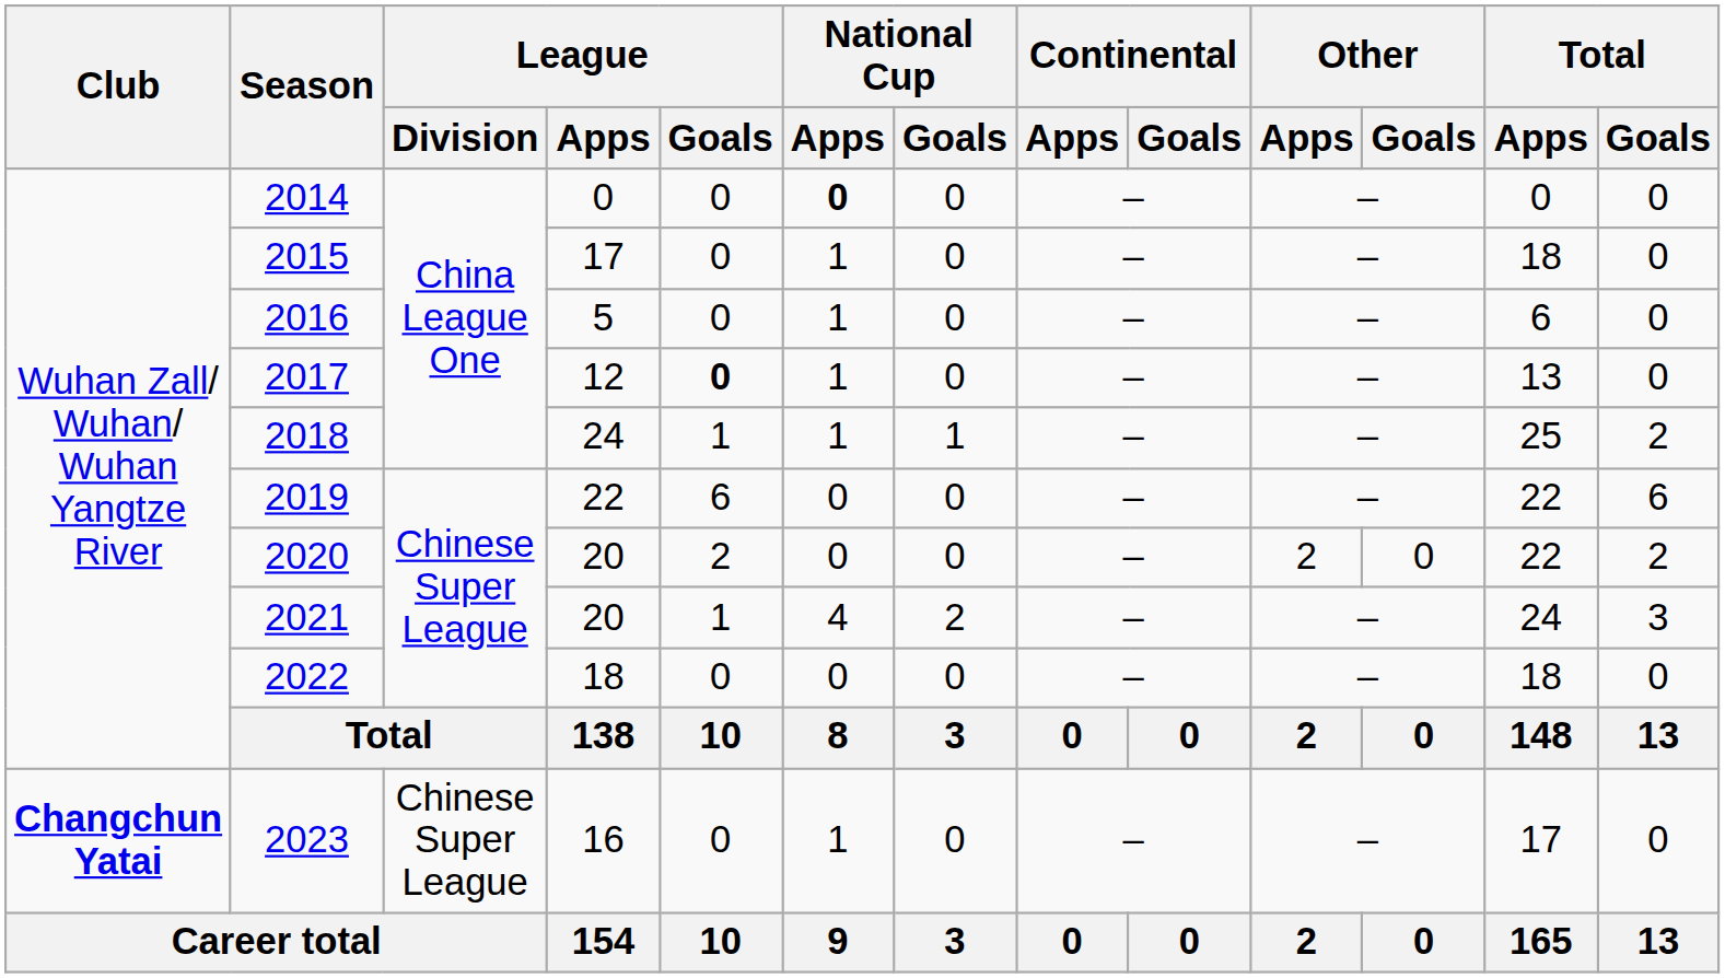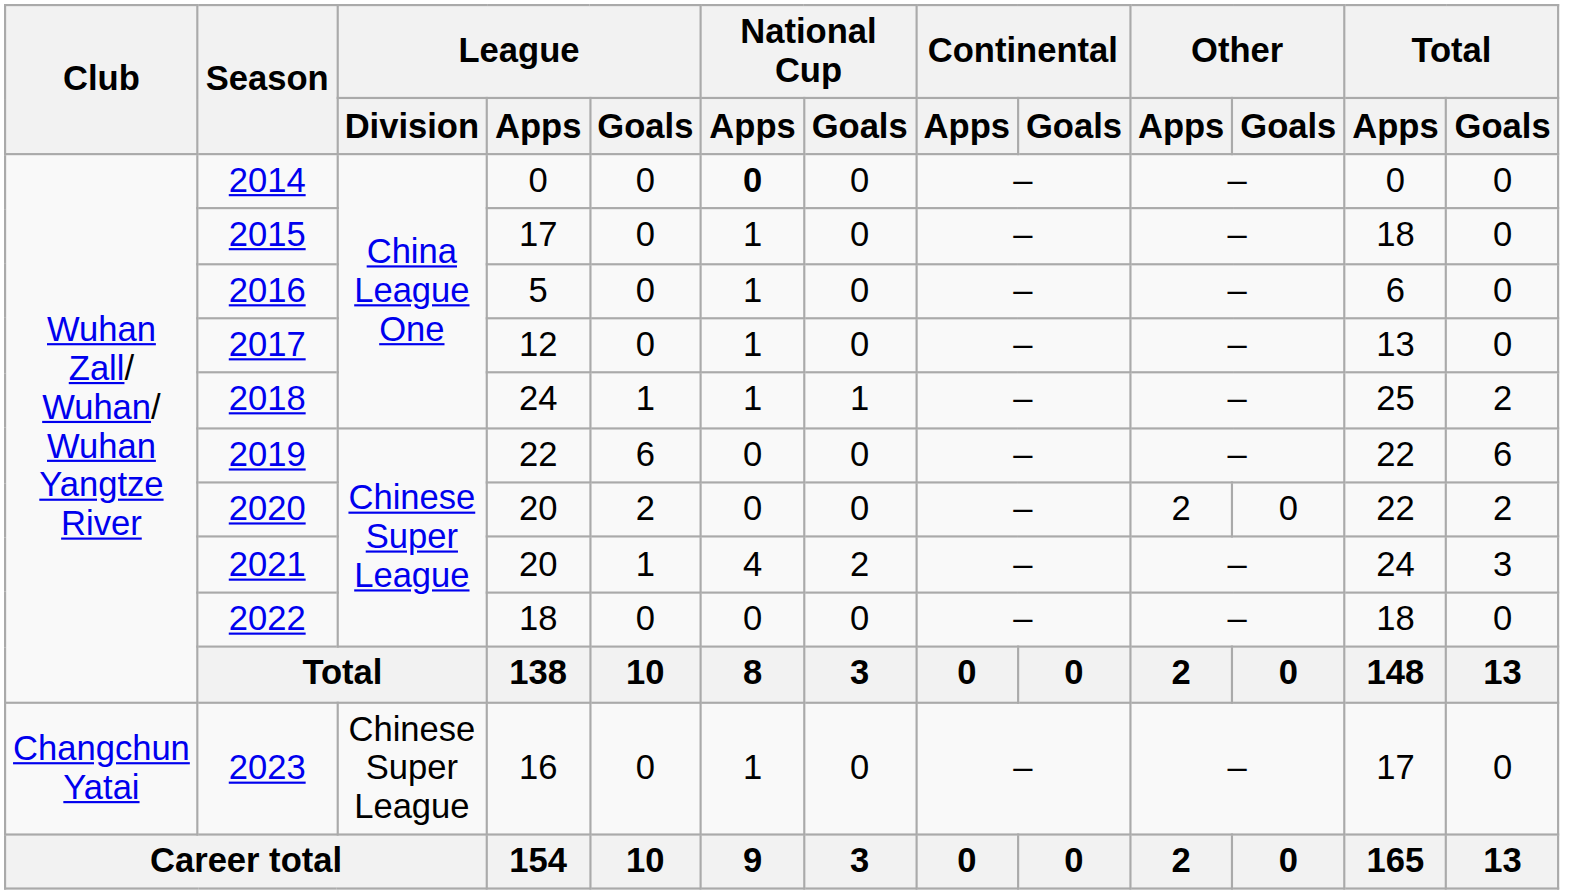 <table class="wikitable" style="text-align: center">
 <tr>
 <th rowspan="2">Club</th>
 <th rowspan="2">Season</th>
 <th colspan="3">League</th>
 <th colspan="2">National Cup</th>
 <th colspan="2">Continental</th>
 <th colspan="2">Other</th>
 <th colspan="2">Total</th>
 </tr>
 <tr>
 <th>Division</th>
 <th>Apps</th>
 <th>Goals</th>
 <th>Apps</th>
 <th>Goals</th>
 <th>Apps</th>
 <th>Goals</th>
 <th>Apps</th>
 <th>Goals</th>
 <th>Apps</th>
 <th>Goals</th>
 </tr>
 <tr>
 <td rowspan=10><a href='#'>Wuhan Zall</a>/<br><a href='#'>Wuhan</a>/<br><a href='#'>Wuhan Yangtze River</a></td>
 <td><a href='#'>2014</a></td>
 <td rowspan="5"><a href='#'>China League One</a></td>
 <td>0</td>
 <td>0</td>
 <td><strong>0</strong></td>
 <td>0</td>
 <td colspan="2">–</td>
 <td colspan="2">–</td>
 <td>0</td>
 <td>0</td>
 </tr>
 <tr>
 <td><a href='#'>2015</a></td>
 <td>17</td>
 <td>0</td>
 <td>1</td>
 <td>0</td>
 <td colspan="2">–</td>
 <td colspan="2">–</td>
 <td>18</td>
 <td>0</td>
 </tr>
 <tr>
 <td><a href='#'>2016</a></td>
 <td>5</td>
 <td>0</td>
 <td>1</td>
 <td>0</td>
 <td colspan="2">–</td>
 <td colspan="2">–</td>
 <td>6</td>
 <td>0</td>
 </tr>
 <tr>
 <td><a href='#'>2017</a></td>
 <td>12</td>
-<td><strong>0</strong></td>
+<td>0</td>
 <td>1</td>
 <td>0</td>
 <td colspan="2">–</td>
 <td colspan="2">–</td>
 <td>13</td>
 <td>0</td>
 </tr>
 <tr>
 <td><a href='#'>2018</a></td>
 <td>24</td>
 <td>1</td>
 <td>1</td>
 <td>1</td>
 <td colspan="2">–</td>
 <td colspan="2">–</td>
 <td>25</td>
 <td>2</td>
 </tr>
 <tr>
 <td><a href='#'>2019</a></td>
 <td rowspan=4><a href='#'>Chinese Super League</a></td>
 <td>22</td>
 <td>6</td>
 <td>0</td>
 <td>0</td>
 <td colspan="2">–</td>
 <td colspan="2">–</td>
 <td>22</td>
 <td>6</td>
 </tr>
 <tr>
 <td><a href='#'>2020</a></td>
 <td>20</td>
 <td>2</td>
 <td>0</td>
 <td>0</td>
 <td colspan="2">–</td>
 <td>2</td>
 <td>0</td>
 <td>22</td>
 <td>2</td>
 </tr>
 <tr>
 <td><a href='#'>2021</a></td>
 <td>20</td>
 <td>1</td>
 <td>4</td>
 <td>2</td>
 <td colspan="2">–</td>
 <td colspan="2">–</td>
 <td>24</td>
 <td>3</td>
 </tr>
 <tr>
 <td><a href='#'>2022</a></td>
 <td>18</td>
 <td>0</td>
 <td>0</td>
 <td>0</td>
 <td colspan="2">–</td>
 <td colspan="2">–</td>
 <td>18</td>
 <td>0</td>
 </tr>
 <tr>
 <th colspan=2>Total</th>
 <th>138</th>
 <th>10</th>
 <th>8</th>
 <th>3</th>
 <th>0</th>
 <th>0</th>
 <th>2</th>
 <th>0</th>
 <th>148</th>
 <th>13</th>
 </tr>
 <tr>
-<td><strong><a href='#'>Changchun Yatai</a></strong></td>
+<td><a href='#'>Changchun Yatai</a></td>
 <td><a href='#'>2023</a></td>
 <td>Chinese Super League</td>
 <td>16</td>
 <td>0</td>
 <td>1</td>
 <td>0</td>
 <td colspan="2">–</td>
 <td colspan="2">–</td>
 <td>17</td>
 <td>0</td>
 </tr>
 <tr>
 <th colspan=3>Career total</th>
 <th>154</th>
 <th>10</th>
 <th>9</th>
 <th>3</th>
 <th>0</th>
 <th>0</th>
 <th>2</th>
 <th>0</th>
 <th>165</th>
 <th>13</th>
 </tr>
 </table>
